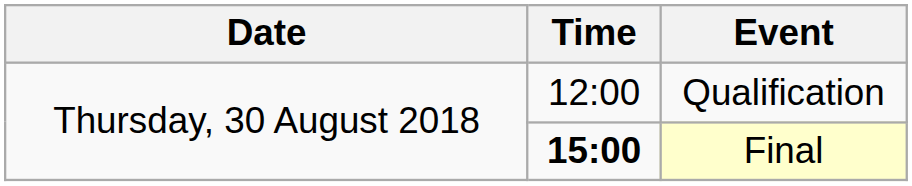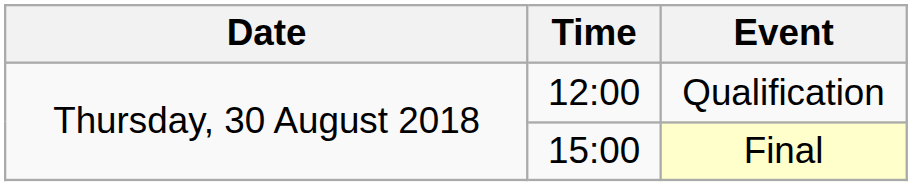 <table class = "wikitable" style="text-align:center;">
 <tr>
 <th width=220>Date</th>
 <th width=50>Time</th>
 <th width=100>Event</th>
 </tr>
 <tr>
 <td rowspan=2>Thursday, 30 August 2018</td>
 <td>12:00</td>
 <td>Qualification</td>
 </tr>
 <tr>
-<td><strong>15:00</strong></td>
+<td>15:00</td>
 <td bgcolor=ffffcc>Final</td>
 </tr>
 </table>
